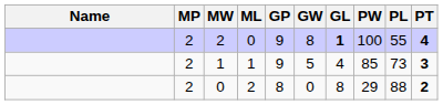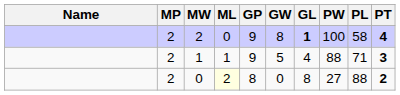 <table class=wikitable style="text-align:center">
 <tr>
 <th width=175>Name</th>
 <th width=20>MP</th>
 <th width=20>MW</th>
 <th width=20>ML</th>
 <th width=20>GP</th>
 <th width=20>GW</th>
 <th width=20>GL</th>
 <th width=20>PW</th>
 <th width=20>PL</th>
 <th width=20>PT</th>
 </tr>
 <tr style="background-color:#ccccff;">
 <td style="text-align:left;"><strong></strong></td>
 <td>2</td>
 <td>2</td>
 <td>0</td>
 <td>9</td>
 <td>8</td>
 <td><strong>1</strong></td>
 <td>100</td>
-<td>55</td>
+<td>58</td>
 <td><strong>4</strong></td>
 </tr>
 <tr>
 <td style="text-align:left;"></td>
 <td>2</td>
 <td>1</td>
 <td>1</td>
 <td>9</td>
 <td>5</td>
 <td>4</td>
-<td>85</td>
-<td>73</td>
+<td>88</td>
+<td>71</td>
 <td><strong>3</strong></td>
 </tr>
 <tr>
 <td style="text-align:left;"></td>
 <td>2</td>
 <td>0</td>
-<td>2</td>
+<td style="background: lightyellow;">2</td>
 <td>8</td>
 <td>0</td>
 <td>8</td>
-<td>29</td>
+<td>27</td>
 <td>88</td>
 <td><strong>2</strong></td>
 </tr>
 </table>
